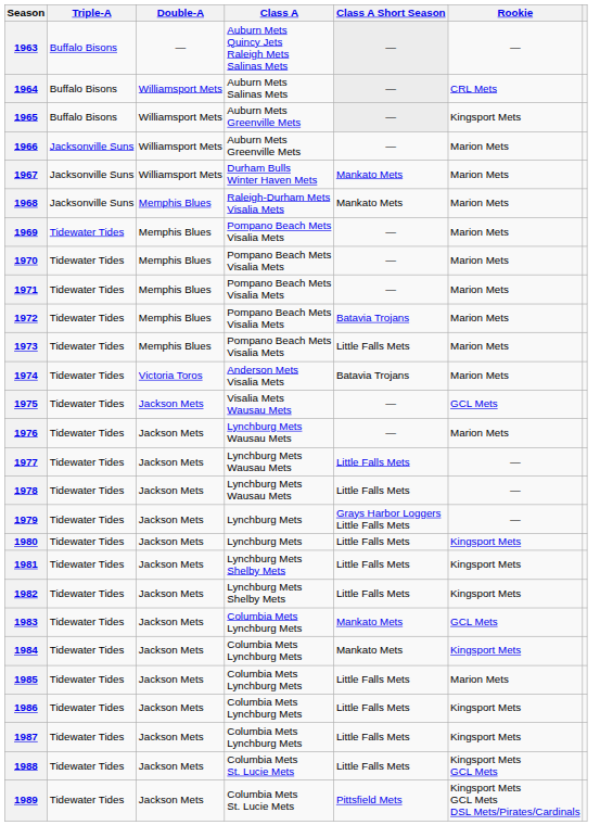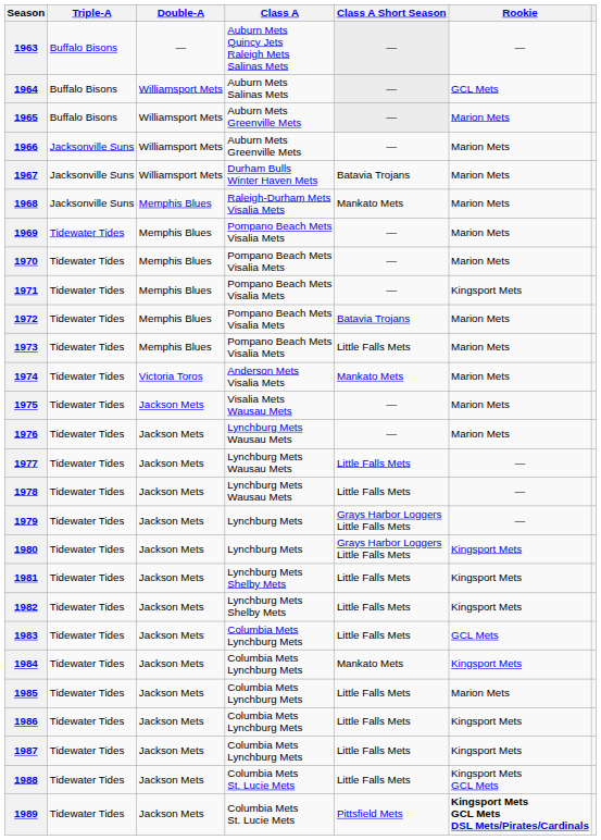 <table class="wikitable plainrowheaders">
 <tr>
 <th scope="col">Season</th>
 <th scope="col"><a href='#'><span>Triple-A</span></a></th>
 <th scope="col"><a href='#'><span>Double-A</span></a></th>
 <th scope="col"><a href='#'><span>Class A</span></a></th>
 <th scope="col"><a href='#'><span>Class A Short Season</span></a></th>
 <th scope="col"><a href='#'><span>Rookie</span></a></th>
 <th scope="col"></th>
 </tr>
 <tr>
 <th scope="row" style="text-align:center"><a href='#'>1963</a></th>
 <td><a href='#'>Buffalo Bisons</a></td>
 <td align="center">—</td>
 <td><a href='#'>Auburn Mets</a><br><a href='#'>Quincy Jets</a><br><a href='#'>Raleigh Mets</a><br><a href='#'>Salinas Mets</a></td>
 <td style="background:#ececec" align="center">—</td>
 <td align="center">—</td>
 <td align="center"></td>
 </tr>
 <tr>
 <th scope="row" style="text-align:center"><a href='#'>1964</a></th>
 <td>Buffalo Bisons</td>
 <td><a href='#'>Williamsport Mets</a></td>
 <td>Auburn Mets<br>Salinas Mets</td>
 <td style="background:#ececec" align="center">—</td>
-<td><a href='#'>CRL Mets</a></td>
+<td><a href='#'>GCL Mets</a></td>
 <td align="center"></td>
 </tr>
 <tr>
 <th scope="row" style="text-align:center"><a href='#'>1965</a></th>
 <td>Buffalo Bisons</td>
 <td>Williamsport Mets</td>
 <td>Auburn Mets<br><a href='#'>Greenville Mets</a></td>
 <td style="background:#ececec" align="center">—</td>
-<td>Kingsport Mets</td>
+<td><a href='#'>Marion Mets</a></td>
 <td align="center"></td>
 </tr>
 <tr>
 <th scope="row" style="text-align:center"><a href='#'>1966</a></th>
 <td><a href='#'>Jacksonville Suns</a></td>
 <td>Williamsport Mets</td>
 <td>Auburn Mets<br>Greenville Mets</td>
 <td align="center">—</td>
 <td>Marion Mets</td>
 <td align="center"></td>
 </tr>
 <tr>
 <th scope="row" style="text-align:center"><a href='#'>1967</a></th>
 <td>Jacksonville Suns</td>
 <td>Williamsport Mets</td>
 <td><a href='#'>Durham Bulls</a><br><a href='#'>Winter Haven Mets</a></td>
-<td><a href='#'>Mankato Mets</a></td>
+<td>Batavia Trojans</td>
 <td>Marion Mets</td>
 <td align="center"></td>
 </tr>
 <tr>
 <th scope="row" style="text-align:center"><a href='#'>1968</a></th>
 <td>Jacksonville Suns</td>
 <td><a href='#'>Memphis Blues</a></td>
 <td><a href='#'>Raleigh-Durham Mets</a><br><a href='#'>Visalia Mets</a></td>
 <td>Mankato Mets</td>
 <td>Marion Mets</td>
 <td align="center"></td>
 </tr>
 <tr>
 <th scope="row" style="text-align:center"><a href='#'>1969</a></th>
 <td><a href='#'>Tidewater Tides</a></td>
 <td>Memphis Blues</td>
 <td><a href='#'>Pompano Beach Mets</a><br>Visalia Mets</td>
 <td align="center">—</td>
 <td>Marion Mets</td>
 <td align="center"></td>
 </tr>
 <tr>
 <th scope="row" style="text-align:center"><a href='#'>1970</a></th>
 <td>Tidewater Tides</td>
 <td>Memphis Blues</td>
 <td>Pompano Beach Mets<br>Visalia Mets</td>
 <td align="center">—</td>
 <td>Marion Mets</td>
 <td align="center"></td>
 </tr>
 <tr>
 <th scope="row" style="text-align:center"><a href='#'>1971</a></th>
 <td>Tidewater Tides</td>
 <td>Memphis Blues</td>
 <td>Pompano Beach Mets<br>Visalia Mets</td>
 <td align="center">—</td>
-<td>Marion Mets</td>
+<td>Kingsport Mets</td>
 <td align="center"></td>
 </tr>
 <tr>
 <th scope="row" style="text-align:center"><a href='#'>1972</a></th>
 <td>Tidewater Tides</td>
 <td>Memphis Blues</td>
 <td>Pompano Beach Mets<br>Visalia Mets</td>
 <td><a href='#'>Batavia Trojans</a></td>
 <td>Marion Mets</td>
 <td align="center"></td>
 </tr>
 <tr>
 <th scope="row" style="text-align:center"><a href='#'>1973</a></th>
 <td>Tidewater Tides</td>
 <td>Memphis Blues</td>
 <td>Pompano Beach Mets<br>Visalia Mets</td>
 <td>Little Falls Mets</td>
 <td>Marion Mets</td>
 <td align="center"></td>
 </tr>
 <tr>
 <th scope="row" style="text-align:center"><a href='#'>1974</a></th>
 <td>Tidewater Tides</td>
 <td><a href='#'>Victoria Toros</a></td>
 <td><a href='#'>Anderson Mets</a><br>Visalia Mets</td>
-<td>Batavia Trojans</td>
+<td><a href='#'>Mankato Mets</a></td>
 <td>Marion Mets</td>
 <td align="center"></td>
 </tr>
 <tr>
 <th scope="row" style="text-align:center"><a href='#'>1975</a></th>
 <td>Tidewater Tides</td>
 <td><a href='#'>Jackson Mets</a></td>
 <td>Visalia Mets<br><a href='#'>Wausau Mets</a></td>
 <td align="center">—</td>
-<td><a href='#'>GCL Mets</a></td>
+<td>Marion Mets</td>
 <td align="center"></td>
 </tr>
 <tr>
 <th scope="row" style="text-align:center"><a href='#'>1976</a></th>
 <td>Tidewater Tides</td>
 <td>Jackson Mets</td>
 <td><a href='#'>Lynchburg Mets</a><br>Wausau Mets</td>
 <td align="center">—</td>
 <td>Marion Mets</td>
 <td align="center"></td>
 </tr>
 <tr>
 <th scope="row" style="text-align:center"><a href='#'>1977</a></th>
 <td>Tidewater Tides</td>
 <td>Jackson Mets</td>
 <td>Lynchburg Mets<br>Wausau Mets</td>
 <td><a href='#'>Little Falls Mets</a></td>
 <td align="center">—</td>
 <td align="center"></td>
 </tr>
 <tr>
 <th scope="row" style="text-align:center"><a href='#'>1978</a></th>
 <td>Tidewater Tides</td>
 <td>Jackson Mets</td>
 <td>Lynchburg Mets<br>Wausau Mets</td>
 <td>Little Falls Mets</td>
 <td align="center">—</td>
 <td align="center"></td>
 </tr>
 <tr>
 <th scope="row" style="text-align:center"><a href='#'>1979</a></th>
 <td>Tidewater Tides</td>
 <td>Jackson Mets</td>
 <td>Lynchburg Mets</td>
 <td><a href='#'>Grays Harbor Loggers</a><br>Little Falls Mets</td>
 <td align="center">—</td>
 <td align="center"></td>
 </tr>
 <tr>
 <th scope="row" style="text-align:center"><a href='#'>1980</a></th>
 <td>Tidewater Tides</td>
 <td>Jackson Mets</td>
 <td>Lynchburg Mets</td>
-<td>Little Falls Mets</td>
+<td><a href='#'>Grays Harbor Loggers</a><br>Little Falls Mets</td>
 <td><a href='#'>Kingsport Mets</a></td>
 <td align="center"></td>
 </tr>
 <tr>
 <th scope="row" style="text-align:center"><a href='#'>1981</a></th>
 <td>Tidewater Tides</td>
 <td>Jackson Mets</td>
 <td>Lynchburg Mets<br><a href='#'>Shelby Mets</a></td>
 <td>Little Falls Mets</td>
 <td>Kingsport Mets</td>
 <td align="center"></td>
 </tr>
 <tr>
 <th scope="row" style="text-align:center"><a href='#'>1982</a></th>
 <td>Tidewater Tides</td>
 <td>Jackson Mets</td>
 <td>Lynchburg Mets<br>Shelby Mets</td>
 <td>Little Falls Mets</td>
 <td>Kingsport Mets</td>
 <td align="center"></td>
 </tr>
 <tr>
 <th scope="row" style="text-align:center"><a href='#'>1983</a></th>
 <td>Tidewater Tides</td>
 <td>Jackson Mets</td>
 <td><a href='#'>Columbia Mets</a><br>Lynchburg Mets</td>
-<td><a href='#'>Mankato Mets</a></td>
+<td>Little Falls Mets</td>
 <td><a href='#'>GCL Mets</a></td>
 <td align="center"></td>
 </tr>
 <tr>
 <th scope="row" style="text-align:center"><a href='#'>1984</a></th>
 <td>Tidewater Tides</td>
 <td>Jackson Mets</td>
 <td>Columbia Mets<br>Lynchburg Mets</td>
 <td>Mankato Mets</td>
 <td><a href='#'>Kingsport Mets</a></td>
 <td align="center"></td>
 </tr>
 <tr>
 <th scope="row" style="text-align:center"><a href='#'>1985</a></th>
 <td>Tidewater Tides</td>
 <td>Jackson Mets</td>
 <td>Columbia Mets<br>Lynchburg Mets</td>
 <td>Little Falls Mets</td>
 <td>Marion Mets</td>
 <td align="center"></td>
 </tr>
 <tr>
 <th scope="row" style="text-align:center"><a href='#'>1986</a></th>
 <td>Tidewater Tides</td>
 <td>Jackson Mets</td>
 <td>Columbia Mets<br>Lynchburg Mets</td>
 <td>Little Falls Mets</td>
 <td>Kingsport Mets</td>
 <td align="center"></td>
 </tr>
 <tr>
 <th scope="row" style="text-align:center"><a href='#'>1987</a></th>
 <td>Tidewater Tides</td>
 <td>Jackson Mets</td>
 <td>Columbia Mets<br>Lynchburg Mets</td>
 <td>Little Falls Mets</td>
 <td>Kingsport Mets</td>
 <td align="center"></td>
 </tr>
 <tr>
 <th scope="row" style="text-align:center"><a href='#'>1988</a></th>
 <td>Tidewater Tides</td>
 <td>Jackson Mets</td>
 <td>Columbia Mets<br><a href='#'>St. Lucie Mets</a></td>
 <td>Little Falls Mets</td>
 <td>Kingsport Mets<br><a href='#'>GCL Mets</a></td>
 <td align="center"></td>
 </tr>
 <tr>
 <th scope="row" style="text-align:center"><a href='#'>1989</a></th>
 <td>Tidewater Tides</td>
 <td>Jackson Mets</td>
 <td>Columbia Mets<br>St. Lucie Mets</td>
 <td><a href='#'>Pittsfield Mets</a></td>
-<td>Kingsport Mets<br>GCL Mets<br><a href='#'>DSL Mets/Pirates/Cardinals</a></td>
+<td><strong>Kingsport Mets<br>GCL Mets<br><a href='#'>DSL Mets/Pirates/Cardinals</a></strong></td>
 <td align="center"></td>
 </tr>
 </table>
